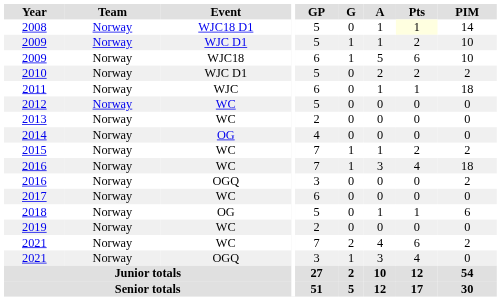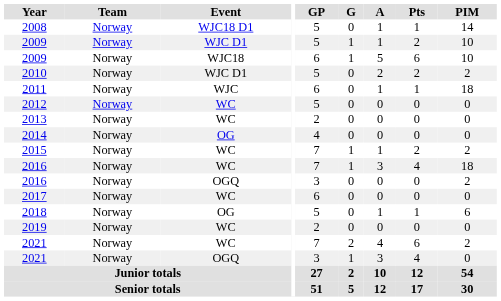 <table border="0" cellpadding="1" cellspacing="0" ID="Table3" style="text-align:center; width:40em">
 <tr ALIGN="center" bgcolor="#e0e0e0">
 <th>Year</th>
 <th>Team</th>
 <th>Event</th>
 <th rowspan="99" bgcolor="#ffffff"></th>
 <th>GP</th>
 <th>G</th>
 <th>A</th>
 <th>Pts</th>
 <th>PIM</th>
 </tr>
 <tr>
 <td><a href='#'>2008</a></td>
 <td><a href='#'>Norway</a></td>
 <td><a href='#'>WJC18 D1</a></td>
 <td>5</td>
 <td>0</td>
 <td>1</td>
-<td style="background: lightyellow;">1</td>
+<td>1</td>
 <td>14</td>
 </tr>
 <tr bgcolor="#f0f0f0">
 <td><a href='#'>2009</a></td>
 <td><a href='#'>Norway</a></td>
 <td><a href='#'>WJC D1</a></td>
 <td>5</td>
 <td>1</td>
 <td>1</td>
 <td>2</td>
 <td>10</td>
 </tr>
 <tr>
 <td><a href='#'>2009</a></td>
 <td>Norway</td>
 <td>WJC18</td>
 <td>6</td>
 <td>1</td>
 <td>5</td>
 <td>6</td>
 <td>10</td>
 </tr>
 <tr bgcolor="#f0f0f0">
 <td><a href='#'>2010</a></td>
 <td>Norway</td>
 <td>WJC D1</td>
 <td>5</td>
 <td>0</td>
 <td>2</td>
 <td>2</td>
 <td>2</td>
 </tr>
 <tr>
 <td><a href='#'>2011</a></td>
 <td>Norway</td>
 <td>WJC</td>
 <td>6</td>
 <td>0</td>
 <td>1</td>
 <td>1</td>
 <td>18</td>
 </tr>
 <tr bgcolor="#f0f0f0">
 <td><a href='#'>2012</a></td>
 <td><a href='#'>Norway</a></td>
 <td><a href='#'>WC</a></td>
 <td>5</td>
 <td>0</td>
 <td>0</td>
 <td>0</td>
 <td>0</td>
 </tr>
 <tr>
 <td><a href='#'>2013</a></td>
 <td>Norway</td>
 <td>WC</td>
 <td>2</td>
 <td>0</td>
 <td>0</td>
 <td>0</td>
 <td>0</td>
 </tr>
 <tr bgcolor="#f0f0f0">
 <td><a href='#'>2014</a></td>
 <td>Norway</td>
 <td><a href='#'>OG</a></td>
 <td>4</td>
 <td>0</td>
 <td>0</td>
 <td>0</td>
 <td>0</td>
 </tr>
 <tr>
 <td><a href='#'>2015</a></td>
 <td>Norway</td>
 <td>WC</td>
 <td>7</td>
 <td>1</td>
 <td>1</td>
 <td>2</td>
 <td>2</td>
 </tr>
 <tr bgcolor="#f0f0f0">
 <td><a href='#'>2016</a></td>
 <td>Norway</td>
 <td>WC</td>
 <td>7</td>
 <td>1</td>
 <td>3</td>
 <td>4</td>
 <td>18</td>
 </tr>
 <tr>
 <td><a href='#'>2016</a></td>
 <td>Norway</td>
 <td>OGQ</td>
 <td>3</td>
 <td>0</td>
 <td>0</td>
 <td>0</td>
 <td>2</td>
 </tr>
 <tr bgcolor="#f0f0f0">
 <td><a href='#'>2017</a></td>
 <td>Norway</td>
 <td>WC</td>
 <td>6</td>
 <td>0</td>
 <td>0</td>
 <td>0</td>
 <td>0</td>
 </tr>
 <tr>
 <td><a href='#'>2018</a></td>
 <td>Norway</td>
 <td>OG</td>
 <td>5</td>
 <td>0</td>
 <td>1</td>
 <td>1</td>
 <td>6</td>
 </tr>
 <tr bgcolor="#f0f0f0">
 <td><a href='#'>2019</a></td>
 <td>Norway</td>
 <td>WC</td>
 <td>2</td>
 <td>0</td>
 <td>0</td>
 <td>0</td>
 <td>0</td>
 </tr>
 <tr>
 <td><a href='#'>2021</a></td>
 <td>Norway</td>
 <td>WC</td>
 <td>7</td>
 <td>2</td>
 <td>4</td>
 <td>6</td>
 <td>2</td>
 </tr>
 <tr bgcolor="#f0f0f0">
 <td><a href='#'>2021</a></td>
 <td>Norway</td>
 <td>OGQ</td>
 <td>3</td>
 <td>1</td>
 <td>3</td>
 <td>4</td>
 <td>0</td>
 </tr>
 <tr bgcolor="#e0e0e0">
 <th colspan="3">Junior totals</th>
 <th>27</th>
 <th>2</th>
 <th>10</th>
 <th>12</th>
 <th>54</th>
 </tr>
 <tr bgcolor="#e0e0e0">
 <th colspan="3">Senior totals</th>
 <th>51</th>
 <th>5</th>
 <th>12</th>
 <th>17</th>
 <th>30</th>
 </tr>
 </table>
